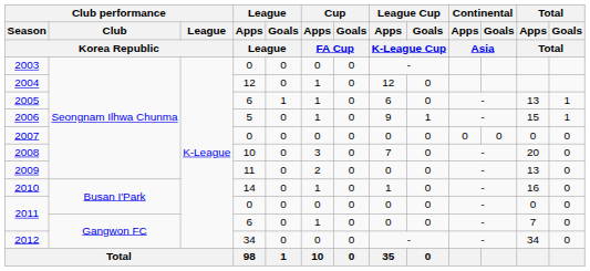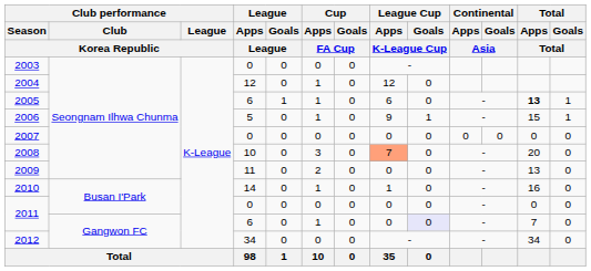 <table class="wikitable" style="text-align:center;">
 <tr>
 <th colspan=3>Club performance</th>
 <th colspan=2>League</th>
 <th colspan=2>Cup</th>
 <th colspan=2>League Cup</th>
 <th colspan=2>Continental</th>
 <th colspan=2>Total</th>
 </tr>
 <tr>
 <th>Season</th>
 <th>Club</th>
 <th>League</th>
 <th>Apps</th>
 <th>Goals</th>
 <th>Apps</th>
 <th>Goals</th>
 <th>Apps</th>
 <th>Goals</th>
 <th>Apps</th>
 <th>Goals</th>
 <th>Apps</th>
 <th>Goals</th>
 </tr>
 <tr>
 <th colspan=3>Korea Republic</th>
 <th colspan=2>League</th>
 <th colspan=2><a href='#'>FA Cup</a></th>
 <th colspan=2><a href='#'>K-League Cup</a></th>
 <th colspan=2><a href='#'>Asia</a></th>
 <th colspan=2>Total</th>
 </tr>
 <tr>
 <td><a href='#'>2003</a></td>
 <td rowspan="7"><a href='#'>Seongnam Ilhwa Chunma</a></td>
 <td rowspan="11"><a href='#'>K-League</a></td>
 <td>0</td>
 <td>0</td>
 <td>0</td>
 <td>0</td>
 <td colspan=2>-</td>
 <td></td>
 <td></td>
 <td></td>
 <td></td>
 </tr>
 <tr>
 <td><a href='#'>2004</a></td>
 <td>12</td>
 <td>0</td>
 <td>1</td>
 <td>0</td>
 <td>12</td>
 <td>0</td>
 <td></td>
 <td></td>
 <td></td>
 <td></td>
 </tr>
 <tr>
 <td><a href='#'>2005</a></td>
 <td>6</td>
 <td>1</td>
 <td>1</td>
 <td>0</td>
 <td>6</td>
 <td>0</td>
 <td colspan=2>-</td>
-<td>13</td>
+<td><strong>13</strong></td>
 <td>1</td>
 </tr>
 <tr>
 <td><a href='#'>2006</a></td>
 <td>5</td>
 <td>0</td>
 <td>1</td>
 <td>0</td>
 <td>9</td>
 <td>1</td>
 <td colspan=2>-</td>
 <td>15</td>
 <td>1</td>
 </tr>
 <tr>
 <td><a href='#'>2007</a></td>
 <td>0</td>
 <td>0</td>
 <td>0</td>
 <td>0</td>
 <td>0</td>
 <td>0</td>
 <td>0</td>
 <td>0</td>
 <td>0</td>
 <td>0</td>
 </tr>
 <tr>
 <td><a href='#'>2008</a></td>
 <td>10</td>
 <td>0</td>
 <td>3</td>
 <td>0</td>
-<td>7</td>
+<td style="background: lightsalmon;">7</td>
 <td>0</td>
 <td colspan=2>-</td>
 <td>20</td>
 <td>0</td>
 </tr>
 <tr>
 <td><a href='#'>2009</a></td>
 <td>11</td>
 <td>0</td>
 <td>2</td>
 <td>0</td>
 <td>0</td>
 <td>0</td>
 <td colspan=2>-</td>
 <td>13</td>
 <td>0</td>
 </tr>
 <tr>
 <td><a href='#'>2010</a></td>
 <td rowspan="2"><a href='#'>Busan I'Park</a></td>
 <td>14</td>
 <td>0</td>
 <td>1</td>
 <td>0</td>
 <td>1</td>
 <td>0</td>
 <td colspan=2>-</td>
 <td>16</td>
 <td>0</td>
 </tr>
 <tr>
 <td rowspan=2><a href='#'>2011</a></td>
 <td>0</td>
 <td>0</td>
 <td>0</td>
 <td>0</td>
 <td>0</td>
 <td>0</td>
 <td colspan=2>-</td>
 <td>0</td>
 <td>0</td>
 </tr>
 <tr>
 <td rowspan=2><a href='#'>Gangwon FC</a></td>
 <td>6</td>
 <td>0</td>
 <td>1</td>
 <td>0</td>
 <td>0</td>
-<td>0</td>
+<td style="background: lavender;">0</td>
 <td colspan=2>-</td>
 <td>7</td>
 <td>0</td>
 </tr>
 <tr>
 <td><a href='#'>2012</a></td>
 <td>34</td>
 <td>0</td>
 <td>0</td>
 <td>0</td>
 <td colspan=2>-</td>
 <td colspan=2>-</td>
 <td>34</td>
 <td>0</td>
 </tr>
 <tr>
 <th colspan=3>Total</th>
 <th>98</th>
 <th>1</th>
 <th>10</th>
 <th>0</th>
 <th>35</th>
 <th>0</th>
 <th></th>
 <th></th>
 <th></th>
 <th></th>
 </tr>
 </table>
